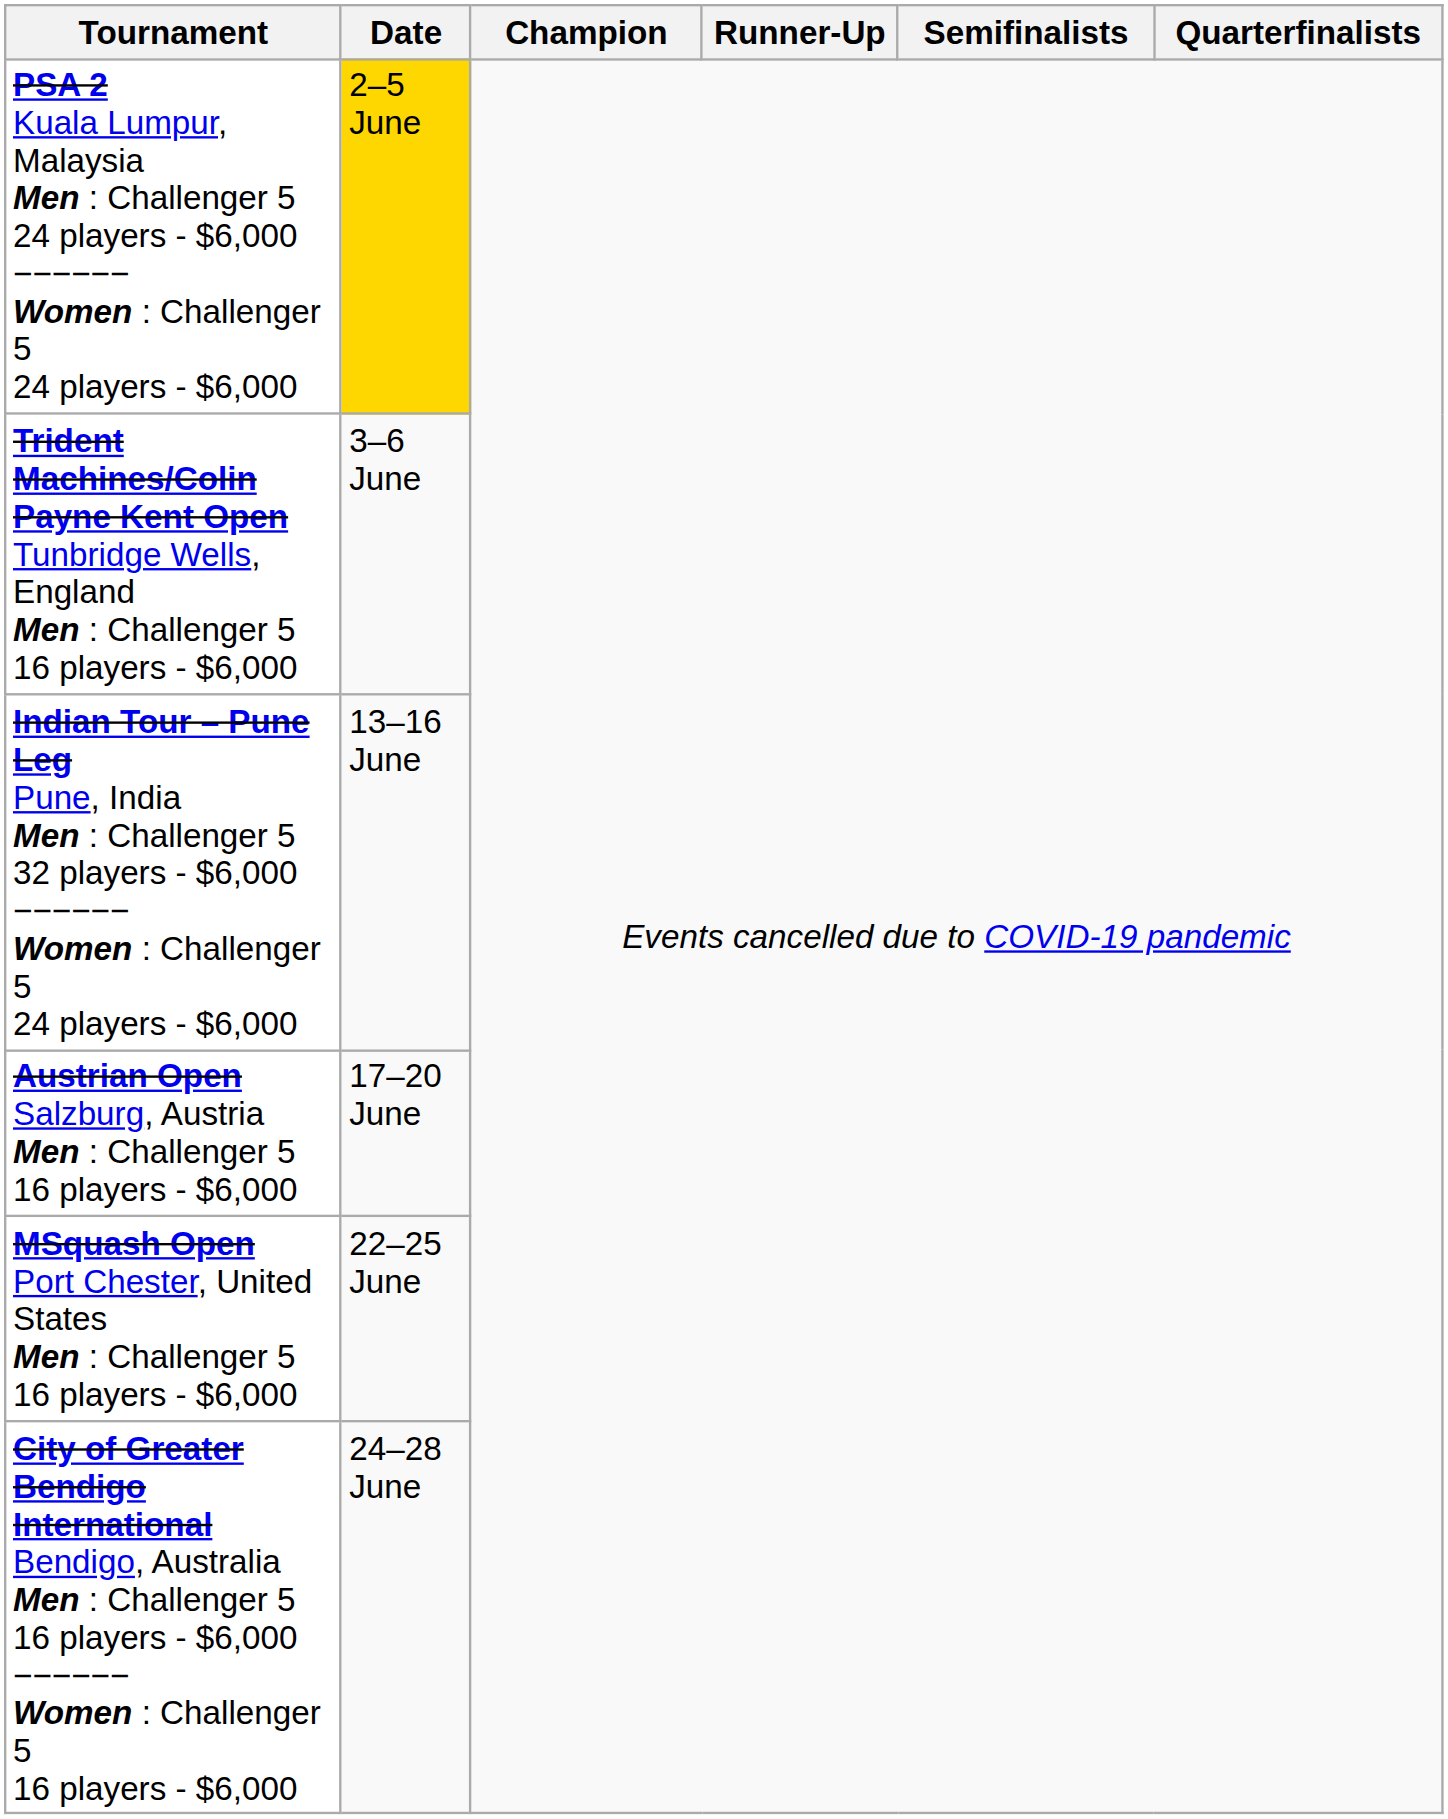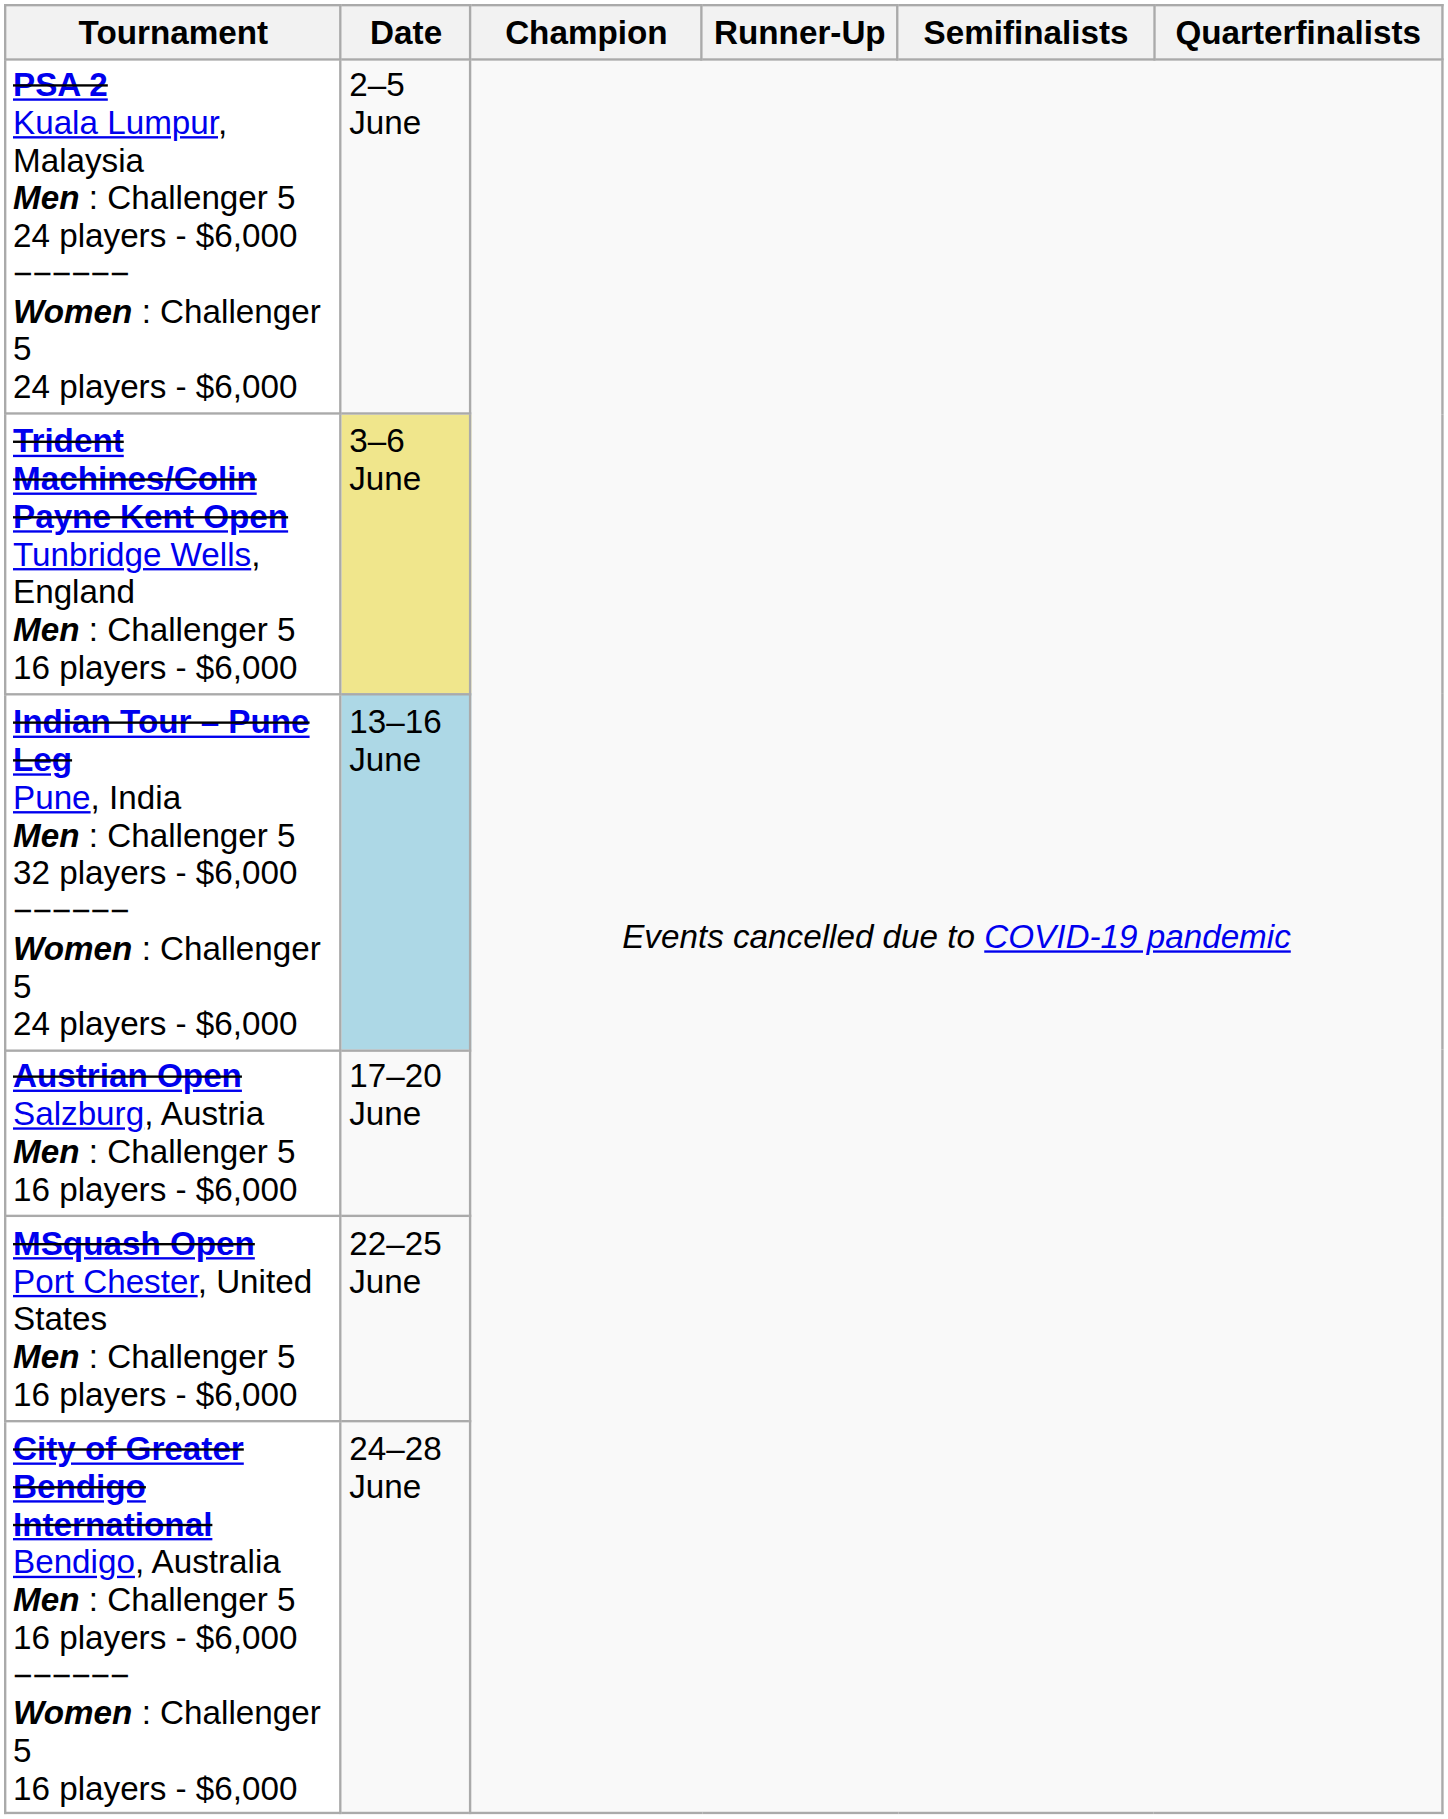 <table class="wikitable" style="font-size:88%">
 <tr>
 <th width=250>Tournament</th>
 <th width=110>Date</th>
 <th width=170>Champion</th>
 <th width=155>Runner-Up</th>
 <th width=155>Semifinalists</th>
 <th width=155>Quarterfinalists</th>
 </tr>
 <tr valign=top>
 <td rowspan=1 style="background:#fff;"><strong><s><a href='#'> PSA 2</a></s></strong><br> <a href='#'>Kuala Lumpur</a>, Malaysia<br><strong> <em>Men</em> </strong>: Challenger 5<br>24 players - $6,000<br>−−−−−−<br><strong> <em>Women</em> </strong>: Challenger 5<br>24 players - $6,000</td>
-<td rowspan=1 style="background: gold;">2–5 June</td>
+<td rowspan=1>2–5 June</td>
 <td colspan="4" rowspan="7" style="vertical-align:middle; text-align:center;"><em>Events cancelled due to <a href='#'>COVID-19 pandemic</a></em></td>
 </tr>
 <tr valign=top>
 <td style="background:#fff;"><strong><s><a href='#'>Trident Machines/Colin Payne Kent Open</a></s></strong><br> <a href='#'>Tunbridge Wells</a>, England<br><strong> <em>Men</em> </strong>: Challenger 5<br>16 players - $6,000</td>
-<td>3–6 June</td>
+<td style="background: khaki;">3–6 June</td>
 </tr>
 <tr valign=top>
 <td rowspan=1 style="background:#fff;"><strong><s><a href='#'>  Indian Tour – Pune Leg</a></s></strong><br> <a href='#'>Pune</a>, India<br><strong> <em>Men</em> </strong>: Challenger 5<br>32 players - $6,000<br>−−−−−−<br><strong> <em>Women</em> </strong>: Challenger 5<br>24 players - $6,000</td>
-<td rowspan=1>13–16 June</td>
+<td rowspan=1 style="background: lightblue;">13–16 June</td>
 </tr>
 <tr valign=top>
 <td style="background:#fff;"><strong><s><a href='#'>Austrian Open</a></s></strong><br> <a href='#'>Salzburg</a>, Austria<br><strong> <em>Men</em> </strong>: Challenger 5<br>16 players - $6,000</td>
 <td>17–20 June</td>
 </tr>
 <tr valign=top>
 <td style="background:#fff;"><strong><s><a href='#'>MSquash Open</a></s></strong><br> <a href='#'>Port Chester</a>, United States<br><strong> <em>Men</em> </strong>: Challenger 5<br>16 players - $6,000</td>
 <td>22–25 June</td>
 </tr>
 <tr valign=top>
 <td rowspan=1 style="background:#fff;"><strong><s><a href='#'>City of Greater Bendigo International</a></s></strong><br> <a href='#'>Bendigo</a>, Australia<br><strong> <em>Men</em> </strong>: Challenger 5<br>16 players - $6,000<br>−−−−−−<br><strong> <em>Women</em> </strong>: Challenger 5<br>16 players - $6,000</td>
 <td rowspan=1>24–28 June</td>
 </tr>
 </table>
